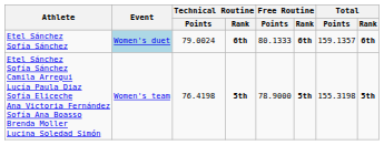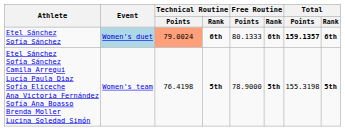 <table class=wikitable style="font-size:90%">
 <tr>
 <th rowspan="2">Athlete</th>
 <th rowspan="2">Event</th>
 <th colspan="2">Technical Routine</th>
 <th colspan="2">Free Routine</th>
 <th colspan="2">Total</th>
 </tr>
 <tr style="font-size:95%">
 <th>Points</th>
 <th>Rank</th>
 <th>Points</th>
 <th>Rank</th>
 <th>Points</th>
 <th>Rank</th>
 </tr>
 <tr align=center>
 <td align=left><a href='#'>Etel Sánchez</a><br><a href='#'>Sofía Sánchez</a></td>
 <td align=left style="background: lightblue;"><a href='#'>Women's duet</a></td>
-<td>79.0024</td>
+<td style="background: lightsalmon;">79.0024</td>
 <td><strong>6th</strong></td>
 <td>80.1333</td>
 <td><strong>6th</strong></td>
-<td>159.1357</td>
+<td><strong>159.1357</strong></td>
 <td><strong>6th</strong></td>
 </tr>
 <tr align=center>
 <td align=left><a href='#'>Etel Sánchez</a><br><a href='#'>Sofía Sánchez</a><br><a href='#'>Camila Arregui</a><br><a href='#'>Lucía Paula Diaz</a><br><a href='#'>Sofía Eliceche</a><br><a href='#'>Ana Victoria Fernández</a><br><a href='#'>Sofía Ana Boasso</a><br><a href='#'>Brenda Moller</a><br><a href='#'>Lucina Soledad Simón</a></td>
 <td align=left><a href='#'>Women's team</a></td>
 <td>76.4198</td>
 <td><strong>5th</strong></td>
 <td>78.9000</td>
 <td><strong>5th</strong></td>
 <td>155.3198</td>
 <td><strong>5th</strong></td>
 </tr>
 </table>
